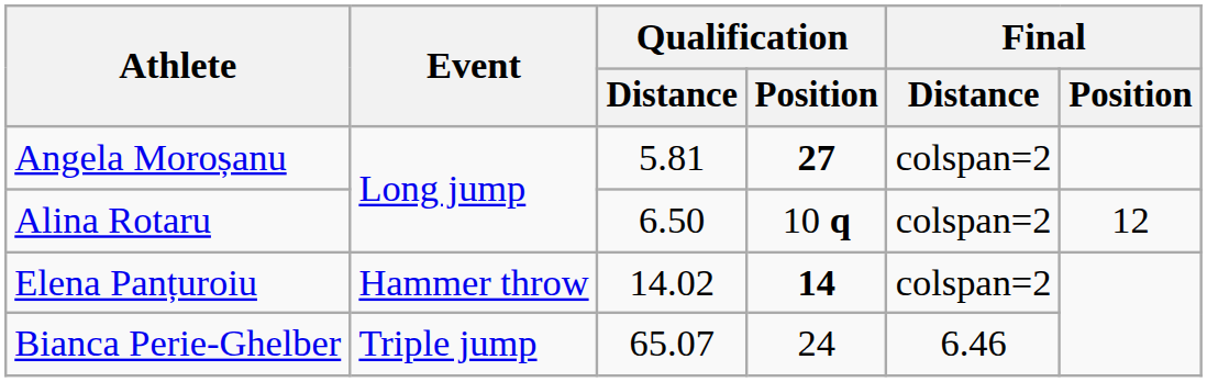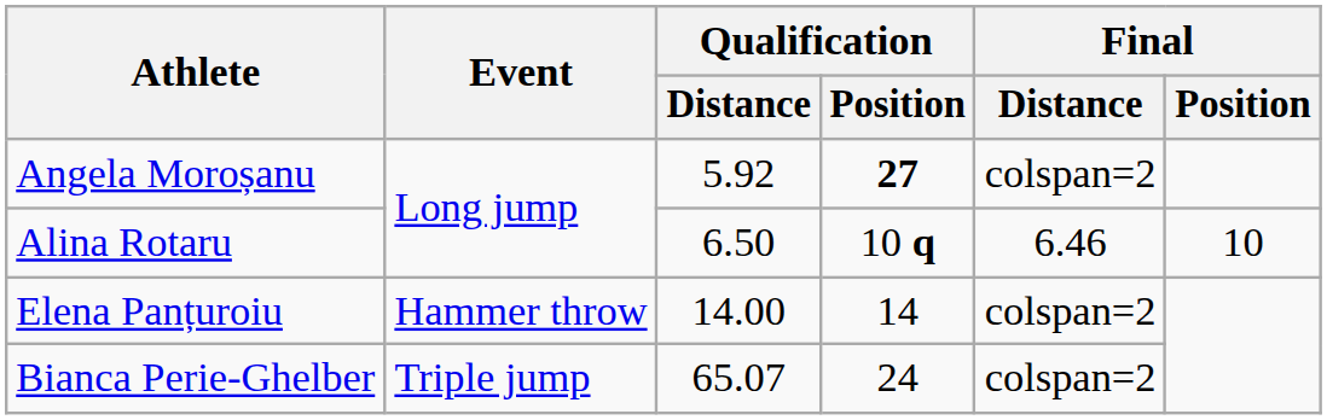 <table class=wikitable style="font-size:90%">
 <tr>
 <th rowspan="2">Athlete</th>
 <th rowspan="2">Event</th>
 <th colspan="2">Qualification</th>
 <th colspan="2">Final</th>
 </tr>
 <tr style="font-size:95%">
 <th>Distance</th>
 <th>Position</th>
 <th>Distance</th>
 <th>Position</th>
 </tr>
 <tr style=text-align:center>
 <td style=text-align:left><a href='#'>Angela Moroșanu</a></td>
 <td style=text-align:left rowspan=2><a href='#'>Long jump</a></td>
-<td>5.81</td>
+<td>5.92</td>
 <td><strong>27</strong></td>
 <td>colspan=2 </td>
 </tr>
 <tr style=text-align:center>
 <td style=text-align:left><a href='#'>Alina Rotaru</a></td>
 <td>6.50</td>
 <td>10 <strong>q</strong></td>
-<td>colspan=2 </td>
-<td>12</td>
+<td>6.46</td>
+<td>10</td>
 </tr>
 <tr style=text-align:center>
 <td style=text-align:left><a href='#'>Elena Panțuroiu</a></td>
 <td style=text-align:left><a href='#'>Hammer throw</a></td>
-<td>14.02</td>
-<td><strong>14</strong></td>
+<td>14.00</td>
+<td>14</td>
 <td>colspan=2 </td>
 </tr>
 <tr style=text-align:center>
 <td style=text-align:left><a href='#'>Bianca Perie-Ghelber</a></td>
 <td style=text-align:left><a href='#'>Triple jump</a></td>
 <td>65.07</td>
 <td>24</td>
-<td>6.46</td>
+<td>colspan=2 </td>
 </tr>
 </table>
